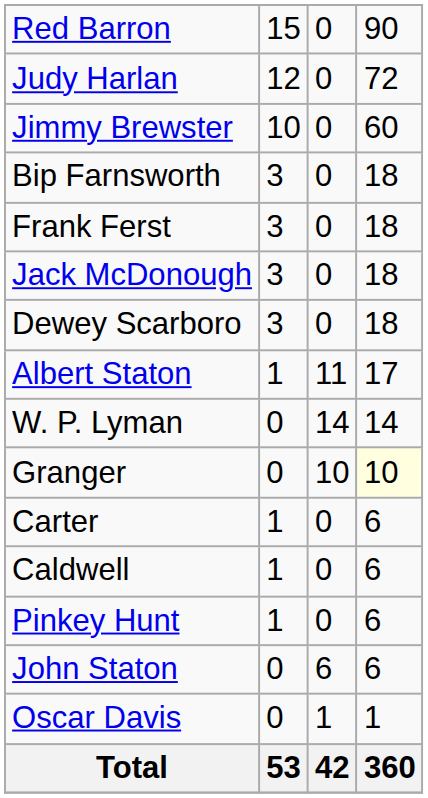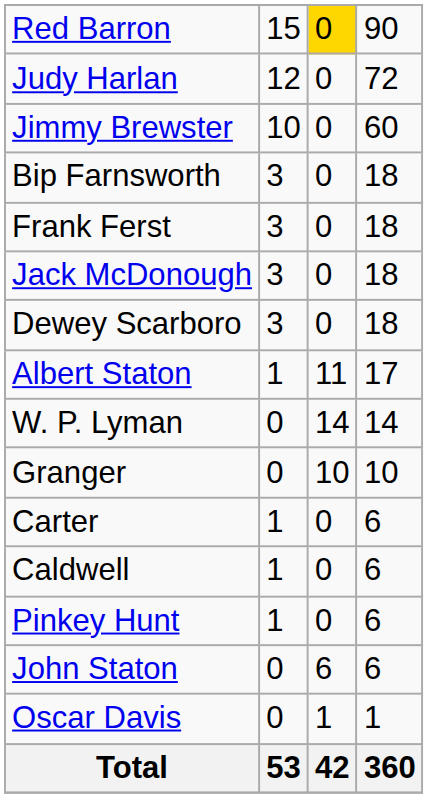 <table class="wikitable">
 <tr>
 </tr>
 <tr>
 <td><a href='#'>Red Barron</a></td>
 <td>15</td>
-<td>0</td>
+<td style="background: gold;">0</td>
 <td>90</td>
 </tr>
 <tr>
 <td><a href='#'>Judy Harlan</a></td>
 <td>12</td>
 <td>0</td>
 <td>72</td>
 </tr>
 <tr>
 <td><a href='#'>Jimmy Brewster</a></td>
 <td>10</td>
 <td>0</td>
 <td>60</td>
 </tr>
 <tr>
 <td>Bip Farnsworth</td>
 <td>3</td>
 <td>0</td>
 <td>18</td>
 </tr>
 <tr>
 <td>Frank Ferst</td>
 <td>3</td>
 <td>0</td>
 <td>18</td>
 </tr>
 <tr>
 <td><a href='#'>Jack McDonough</a></td>
 <td>3</td>
 <td>0</td>
 <td>18</td>
 </tr>
 <tr>
 <td>Dewey Scarboro</td>
 <td>3</td>
 <td>0</td>
 <td>18</td>
 </tr>
 <tr>
 <td><a href='#'>Albert Staton</a></td>
 <td>1</td>
 <td>11</td>
 <td>17</td>
 </tr>
 <tr>
 <td>W. P. Lyman</td>
 <td>0</td>
 <td>14</td>
 <td>14</td>
 </tr>
 <tr>
 <td>Granger</td>
 <td>0</td>
 <td>10</td>
-<td style="background: lightyellow;">10</td>
+<td>10</td>
 </tr>
 <tr>
 <td>Carter</td>
 <td>1</td>
 <td>0</td>
 <td>6</td>
 </tr>
 <tr>
 <td>Caldwell</td>
 <td>1</td>
 <td>0</td>
 <td>6</td>
 </tr>
 <tr>
 <td><a href='#'>Pinkey Hunt</a></td>
 <td>1</td>
 <td>0</td>
 <td>6</td>
 </tr>
 <tr>
 <td><a href='#'>John Staton</a></td>
 <td>0</td>
 <td>6</td>
 <td>6</td>
 </tr>
 <tr>
 <td><a href='#'>Oscar Davis</a></td>
 <td>0</td>
 <td>1</td>
 <td>1</td>
 </tr>
 <tr>
 <th>Total</th>
 <th>53</th>
 <th>42</th>
 <th>360</th>
 </tr>
 <tr>
 </tr>
 </table>
